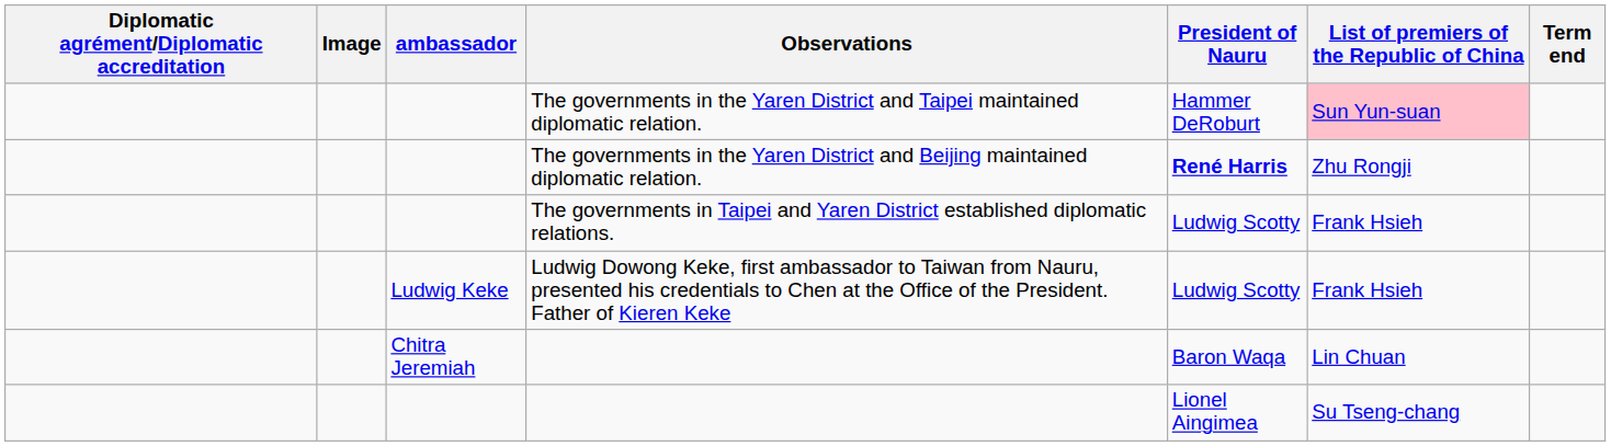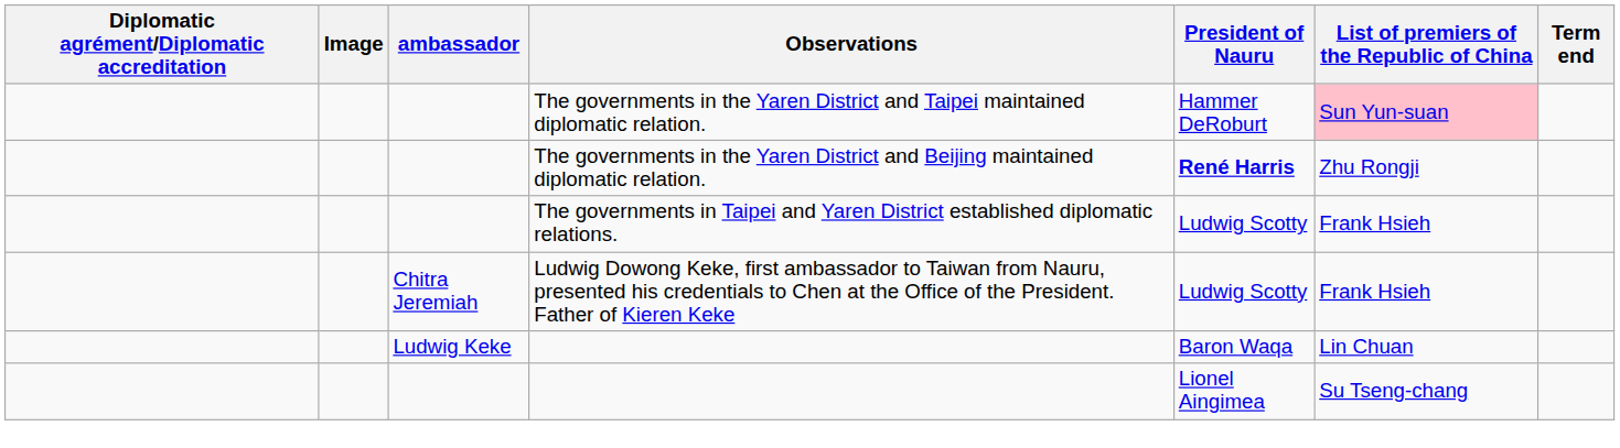 <table class="wikitable sortable">
 <tr>
 <th>Diplomatic <a href='#'>agrément</a>/<a href='#'>Diplomatic accreditation</a></th>
 <th>Image</th>
 <th><a href='#'>ambassador</a></th>
 <th>Observations</th>
 <th><a href='#'>President of Nauru</a></th>
 <th><a href='#'>List of premiers of the Republic of China</a></th>
 <th>Term end</th>
 </tr>
 <tr>
 <td></td>
 <td></td>
 <td></td>
 <td>The governments in the <a href='#'>Yaren District</a> and  <a href='#'>Taipei</a> maintained diplomatic relation.</td>
 <td><a href='#'>Hammer DeRoburt</a></td>
 <td style="background: pink;"><a href='#'>Sun Yun-suan</a></td>
 <td></td>
 </tr>
 <tr>
 <td></td>
 <td></td>
 <td></td>
 <td>The governments in the <a href='#'>Yaren District</a> and <a href='#'>Beijing</a> maintained diplomatic relation.</td>
 <td><strong><a href='#'>René Harris</a></strong></td>
 <td><a href='#'>Zhu Rongji</a></td>
 <td></td>
 </tr>
 <tr>
 <td></td>
 <td></td>
 <td></td>
 <td>The governments in <a href='#'>Taipei</a> and <a href='#'>Yaren District</a> established diplomatic relations.</td>
 <td><a href='#'>Ludwig Scotty</a></td>
 <td><a href='#'>Frank Hsieh</a></td>
 <td></td>
 </tr>
 <tr>
 <td></td>
 <td></td>
-<td><a href='#'>Ludwig Keke</a></td>
+<td><a href='#'>Chitra Jeremiah</a></td>
 <td>Ludwig Dowong Keke, first ambassador to Taiwan from Nauru, presented his credentials to Chen at the Office of the President. Father of <a href='#'>Kieren Keke</a></td>
 <td><a href='#'>Ludwig Scotty</a></td>
 <td><a href='#'>Frank Hsieh</a></td>
 <td></td>
 </tr>
 <tr>
 <td></td>
 <td></td>
-<td><a href='#'>Chitra Jeremiah</a></td>
+<td><a href='#'>Ludwig Keke</a></td>
 <td></td>
 <td><a href='#'>Baron Waqa</a></td>
 <td><a href='#'>Lin Chuan</a></td>
 <td></td>
 </tr>
 <tr>
 <td></td>
 <td></td>
 <td></td>
 <td></td>
 <td><a href='#'>Lionel Aingimea</a></td>
 <td><a href='#'>Su Tseng-chang</a></td>
 <td></td>
 </tr>
 </table>
